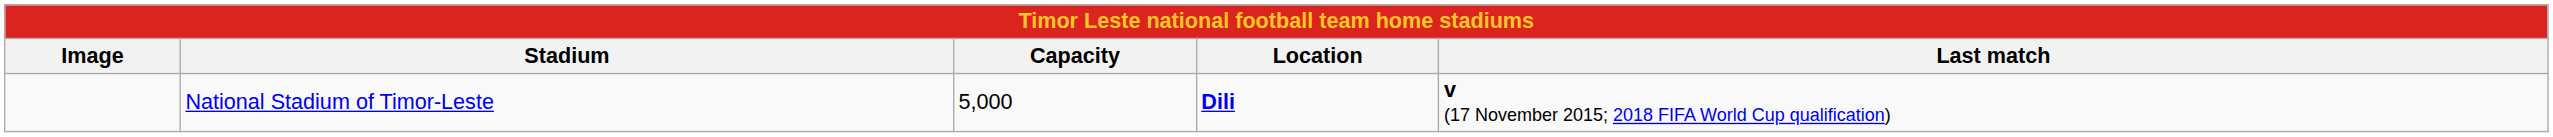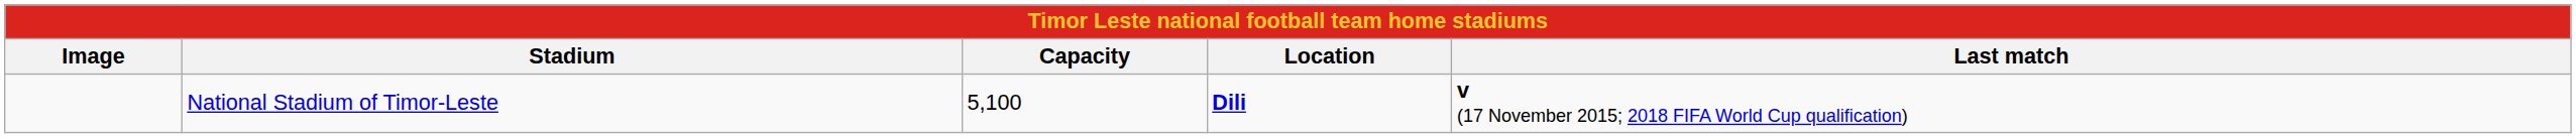 <table class="wikitable" width=95% style="text-align:center;font-size:100%;">
 <tr>
 <th colspan=5 style="background: #DC241F; color: #FFC726;">Timor Leste national football team home stadiums</th>
 </tr>
 <tr>
 <th>Image</th>
 <th>Stadium</th>
 <th>Capacity</th>
 <th>Location</th>
 <th>Last match</th>
 </tr>
 <tr>
 <td></td>
 <td style="text-align:left"><a href='#'>National Stadium of Timor-Leste</a></td>
-<td style="text-align:left">5,000</td>
+<td style="text-align:left">5,100</td>
 <td style="text-align:left"><strong><a href='#'>Dili</a></strong></td>
 <td style="text-align:left"><strong>v</strong>  <br><small>(17 November 2015; <a href='#'>2018 FIFA World Cup qualification</a>)</small></td>
 </tr>
 </table>
